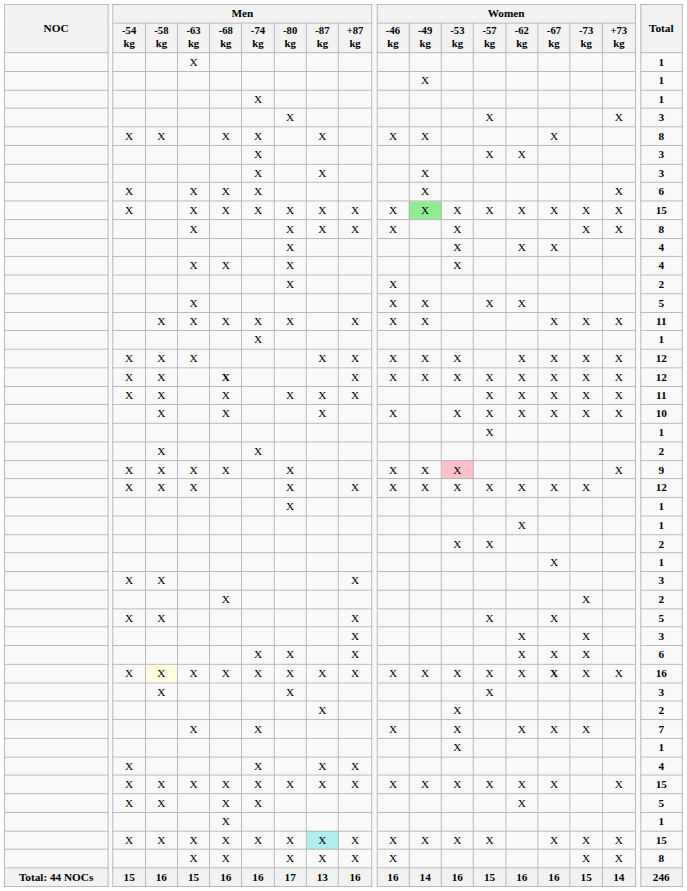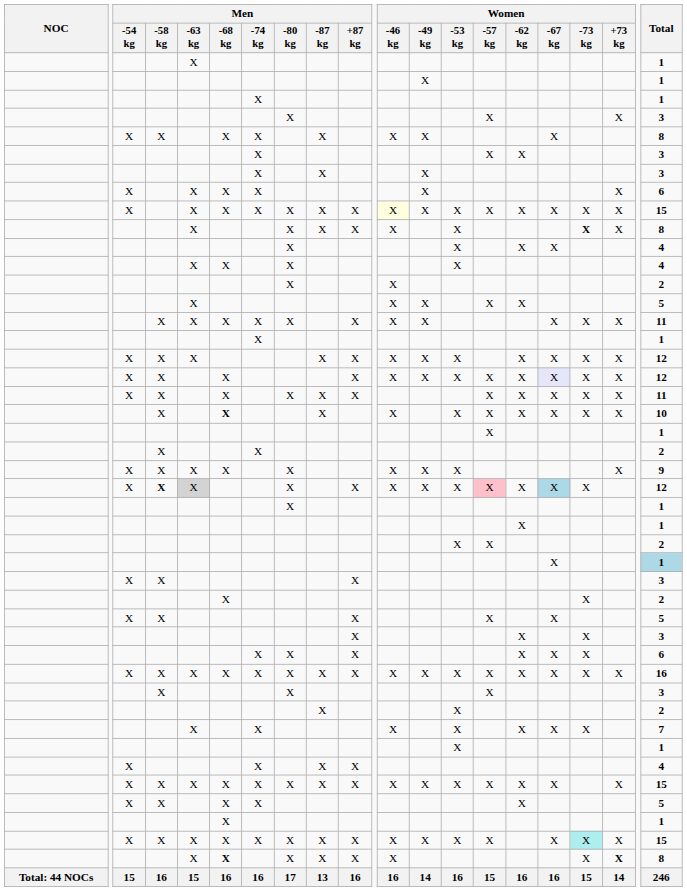 <table class="wikitable" style="border: none; text-align:center; font-size:90%">
 <tr>
 <th rowspan=2 width="180" style="text-align:center;">NOC</th>
 <td rowspan=47 style="width:1; border: none; background: none;"></td>
 <th colspan=8>Men</th>
 <td rowspan=47 style="width:1; border: none; background: none;"></td>
 <th colspan=8>Women</th>
 <td rowspan=47 style="width:1; border: none; background: none;"></td>
 <th rowspan=2 width=55>Total</th>
 </tr>
 <tr style="font-size:95%">
 <th width="45">-54 kg</th>
 <th width="45">-58 kg</th>
 <th width="45">-63 kg</th>
 <th width="45">-68 kg</th>
 <th width="45">-74 kg</th>
 <th width="45">-80 kg</th>
 <th width="45">-87 kg</th>
 <th width="45">+87 kg</th>
 <th width="45">-46 kg</th>
 <th width="45">-49 kg</th>
 <th width="45">-53 kg</th>
 <th width="45">-57 kg</th>
 <th width="45">-62 kg</th>
 <th width="45">-67 kg</th>
 <th width="45">-73 kg</th>
 <th width="45">+73 kg</th>
 </tr>
 <tr>
 <td align=left></td>
 <td></td>
 <td></td>
 <td>X</td>
 <td></td>
 <td></td>
 <td></td>
 <td></td>
 <td></td>
 <td></td>
 <td></td>
 <td></td>
 <td></td>
 <td></td>
 <td></td>
 <td></td>
 <td></td>
 <td><strong>1</strong></td>
 </tr>
 <tr>
 <td align=left></td>
 <td></td>
 <td></td>
 <td></td>
 <td></td>
 <td></td>
 <td></td>
 <td></td>
 <td></td>
 <td></td>
 <td>X</td>
 <td></td>
 <td></td>
 <td></td>
 <td></td>
 <td></td>
 <td></td>
 <td><strong>1</strong></td>
 </tr>
 <tr>
 <td align=left></td>
 <td></td>
 <td></td>
 <td></td>
 <td></td>
 <td>X</td>
 <td></td>
 <td></td>
 <td></td>
 <td></td>
 <td></td>
 <td></td>
 <td></td>
 <td></td>
 <td></td>
 <td></td>
 <td></td>
 <td><strong>1</strong></td>
 </tr>
 <tr>
 <td align=left></td>
 <td></td>
 <td></td>
 <td></td>
 <td></td>
 <td></td>
 <td>X</td>
 <td></td>
 <td></td>
 <td></td>
 <td></td>
 <td></td>
 <td>X</td>
 <td></td>
 <td></td>
 <td></td>
 <td>X</td>
 <td><strong>3</strong></td>
 </tr>
 <tr>
 <td align=left></td>
 <td>X</td>
 <td>X</td>
 <td></td>
 <td>X</td>
 <td>X</td>
 <td></td>
 <td>X</td>
 <td></td>
 <td>X</td>
 <td>X</td>
 <td></td>
 <td></td>
 <td></td>
 <td>X</td>
 <td></td>
 <td></td>
 <td><strong>8</strong></td>
 </tr>
 <tr>
 <td align=left></td>
 <td></td>
 <td></td>
 <td></td>
 <td></td>
 <td>X</td>
 <td></td>
 <td></td>
 <td></td>
 <td></td>
 <td></td>
 <td></td>
 <td>X</td>
 <td>X</td>
 <td></td>
 <td></td>
 <td></td>
 <td><strong>3</strong></td>
 </tr>
 <tr>
 <td align=left></td>
 <td></td>
 <td></td>
 <td></td>
 <td></td>
 <td>X</td>
 <td></td>
 <td>X</td>
 <td></td>
 <td></td>
 <td>X</td>
 <td></td>
 <td></td>
 <td></td>
 <td></td>
 <td></td>
 <td></td>
 <td><strong>3</strong></td>
 </tr>
 <tr>
 <td align=left></td>
 <td>X</td>
 <td></td>
 <td>X</td>
 <td>X</td>
 <td>X</td>
 <td></td>
 <td></td>
 <td></td>
 <td></td>
 <td>X</td>
 <td></td>
 <td></td>
 <td></td>
 <td></td>
 <td></td>
 <td>X</td>
 <td><strong>6</strong></td>
 </tr>
 <tr>
 <td align=left></td>
 <td>X</td>
 <td></td>
 <td>X</td>
 <td>X</td>
 <td>X</td>
 <td>X</td>
 <td>X</td>
 <td>X</td>
+<td style="background: lightyellow;">X</td>
 <td>X</td>
-<td style="background: lightgreen;">X</td>
 <td>X</td>
 <td>X</td>
 <td>X</td>
 <td>X</td>
 <td>X</td>
 <td>X</td>
 <td><strong>15</strong></td>
 </tr>
 <tr>
 <td align=left></td>
 <td></td>
 <td></td>
 <td>X</td>
 <td></td>
 <td></td>
 <td>X</td>
 <td>X</td>
 <td>X</td>
 <td>X</td>
 <td></td>
 <td>X</td>
 <td></td>
 <td></td>
 <td></td>
-<td>X</td>
+<td><strong>X</strong></td>
 <td>X</td>
 <td><strong>8</strong></td>
 </tr>
 <tr>
 <td align=left></td>
 <td></td>
 <td></td>
 <td></td>
 <td></td>
 <td></td>
 <td>X</td>
 <td></td>
 <td></td>
 <td></td>
 <td></td>
 <td>X</td>
 <td></td>
 <td>X</td>
 <td>X</td>
 <td></td>
 <td></td>
 <td><strong>4</strong></td>
 </tr>
 <tr>
 <td align=left></td>
 <td></td>
 <td></td>
 <td>X</td>
 <td>X</td>
 <td></td>
 <td>X</td>
 <td></td>
 <td></td>
 <td></td>
 <td></td>
 <td>X</td>
 <td></td>
 <td></td>
 <td></td>
 <td></td>
 <td></td>
 <td><strong>4</strong></td>
 </tr>
 <tr>
 <td align=left></td>
 <td></td>
 <td></td>
 <td></td>
 <td></td>
 <td></td>
 <td>X</td>
 <td></td>
 <td></td>
 <td>X</td>
 <td></td>
 <td></td>
 <td></td>
 <td></td>
 <td></td>
 <td></td>
 <td></td>
 <td><strong>2</strong></td>
 </tr>
 <tr>
 <td align=left></td>
 <td></td>
 <td></td>
 <td>X</td>
 <td></td>
 <td></td>
 <td></td>
 <td></td>
 <td></td>
 <td>X</td>
 <td>X</td>
 <td></td>
 <td>X</td>
 <td>X</td>
 <td></td>
 <td></td>
 <td></td>
 <td><strong>5</strong></td>
 </tr>
 <tr>
 <td align=left></td>
 <td></td>
 <td>X</td>
 <td>X</td>
 <td>X</td>
 <td>X</td>
 <td>X</td>
 <td></td>
 <td>X</td>
 <td>X</td>
 <td>X</td>
 <td></td>
 <td></td>
 <td></td>
 <td>X</td>
 <td>X</td>
 <td>X</td>
 <td><strong>11</strong></td>
 </tr>
 <tr>
 <td align=left></td>
 <td></td>
 <td></td>
 <td></td>
 <td></td>
 <td>X</td>
 <td></td>
 <td></td>
 <td></td>
 <td></td>
 <td></td>
 <td></td>
 <td></td>
 <td></td>
 <td></td>
 <td></td>
 <td></td>
 <td><strong>1</strong></td>
 </tr>
 <tr>
 <td align=left></td>
 <td>X</td>
 <td>X</td>
 <td>X</td>
 <td></td>
 <td></td>
 <td></td>
 <td>X</td>
 <td>X</td>
 <td>X</td>
 <td>X</td>
 <td>X</td>
 <td></td>
 <td>X</td>
 <td>X</td>
 <td>X</td>
 <td>X</td>
 <td><strong>12</strong></td>
 </tr>
 <tr>
 <td align=left></td>
 <td>X</td>
 <td>X</td>
 <td></td>
-<td><strong>X</strong></td>
+<td>X</td>
 <td></td>
 <td></td>
 <td></td>
 <td>X</td>
 <td>X</td>
 <td>X</td>
 <td>X</td>
 <td>X</td>
 <td>X</td>
-<td>X</td>
+<td style="background: lavender;">X</td>
 <td>X</td>
 <td>X</td>
 <td><strong>12</strong></td>
 </tr>
 <tr>
 <td align=left></td>
 <td>X</td>
 <td>X</td>
 <td></td>
 <td>X</td>
 <td></td>
 <td>X</td>
 <td>X</td>
 <td>X</td>
 <td></td>
 <td></td>
 <td></td>
 <td>X</td>
 <td>X</td>
 <td>X</td>
 <td>X</td>
 <td>X</td>
 <td><strong>11</strong></td>
 </tr>
 <tr>
 <td align=left></td>
 <td></td>
 <td>X</td>
 <td></td>
-<td>X</td>
+<td><strong>X</strong></td>
 <td></td>
 <td></td>
 <td>X</td>
 <td></td>
 <td>X</td>
 <td></td>
 <td>X</td>
 <td>X</td>
 <td>X</td>
 <td>X</td>
 <td>X</td>
 <td>X</td>
 <td><strong>10</strong></td>
 </tr>
 <tr>
 <td align=left></td>
 <td></td>
 <td></td>
 <td></td>
 <td></td>
 <td></td>
 <td></td>
 <td></td>
 <td></td>
 <td></td>
 <td></td>
 <td></td>
 <td>X</td>
 <td></td>
 <td></td>
 <td></td>
 <td></td>
 <td><strong>1</strong></td>
 </tr>
 <tr>
 <td align=left></td>
 <td></td>
 <td>X</td>
 <td></td>
 <td></td>
 <td>X</td>
 <td></td>
 <td></td>
 <td></td>
 <td></td>
 <td></td>
 <td></td>
 <td></td>
 <td></td>
 <td></td>
 <td></td>
 <td></td>
 <td><strong>2</strong></td>
 </tr>
 <tr>
 <td align=left></td>
 <td>X</td>
 <td>X</td>
 <td>X</td>
 <td>X</td>
 <td></td>
 <td>X</td>
 <td></td>
 <td></td>
 <td>X</td>
 <td>X</td>
-<td style="background: pink;">X</td>
+<td>X</td>
 <td></td>
 <td></td>
 <td></td>
 <td></td>
 <td>X</td>
 <td><strong>9</strong></td>
 </tr>
 <tr>
 <td align=left></td>
 <td>X</td>
-<td>X</td>
-<td>X</td>
+<td><strong>X</strong></td>
+<td style="background: lightgrey;">X</td>
 <td></td>
 <td></td>
 <td>X</td>
 <td></td>
 <td>X</td>
 <td>X</td>
 <td>X</td>
 <td>X</td>
+<td style="background: pink;">X</td>
 <td>X</td>
-<td>X</td>
-<td>X</td>
+<td style="background: lightblue;">X</td>
 <td>X</td>
 <td></td>
 <td><strong>12</strong></td>
 </tr>
 <tr>
 <td align=left></td>
 <td></td>
 <td></td>
 <td></td>
 <td></td>
 <td></td>
 <td>X</td>
 <td></td>
 <td></td>
 <td></td>
 <td></td>
 <td></td>
 <td></td>
 <td></td>
 <td></td>
 <td></td>
 <td></td>
 <td><strong>1</strong></td>
 </tr>
 <tr>
 <td align=left></td>
 <td></td>
 <td></td>
 <td></td>
 <td></td>
 <td></td>
 <td></td>
 <td></td>
 <td></td>
 <td></td>
 <td></td>
 <td></td>
 <td></td>
 <td>X</td>
 <td></td>
 <td></td>
 <td></td>
 <td><strong>1</strong></td>
 </tr>
 <tr>
 <td align=left></td>
 <td></td>
 <td></td>
 <td></td>
 <td></td>
 <td></td>
 <td></td>
 <td></td>
 <td></td>
 <td></td>
 <td></td>
 <td>X</td>
 <td>X</td>
 <td></td>
 <td></td>
 <td></td>
 <td></td>
 <td><strong>2</strong></td>
 </tr>
 <tr>
 <td align=left></td>
 <td></td>
 <td></td>
 <td></td>
 <td></td>
 <td></td>
 <td></td>
 <td></td>
 <td></td>
 <td></td>
 <td></td>
 <td></td>
 <td></td>
 <td></td>
 <td>X</td>
 <td></td>
 <td></td>
-<td><strong>1</strong></td>
+<td style="background: lightblue;"><strong>1</strong></td>
 </tr>
 <tr>
 <td align=left></td>
 <td>X</td>
 <td>X</td>
 <td></td>
 <td></td>
 <td></td>
 <td></td>
 <td></td>
 <td>X</td>
 <td></td>
 <td></td>
 <td></td>
 <td></td>
 <td></td>
 <td></td>
 <td></td>
 <td></td>
 <td><strong>3</strong></td>
 </tr>
 <tr>
 <td align=left></td>
 <td></td>
 <td></td>
 <td></td>
 <td>X</td>
 <td></td>
 <td></td>
 <td></td>
 <td></td>
 <td></td>
 <td></td>
 <td></td>
 <td></td>
 <td></td>
 <td></td>
 <td>X</td>
 <td></td>
 <td><strong>2</strong></td>
 </tr>
 <tr>
 <td align=left></td>
 <td>X</td>
 <td>X</td>
 <td></td>
 <td></td>
 <td></td>
 <td></td>
 <td></td>
 <td>X</td>
 <td></td>
 <td></td>
 <td></td>
 <td>X</td>
 <td></td>
 <td>X</td>
 <td></td>
 <td></td>
 <td><strong>5</strong></td>
 </tr>
 <tr>
 <td align=left></td>
 <td></td>
 <td></td>
 <td></td>
 <td></td>
 <td></td>
 <td></td>
 <td></td>
 <td>X</td>
 <td></td>
 <td></td>
 <td></td>
 <td></td>
 <td>X</td>
 <td></td>
 <td>X</td>
 <td></td>
 <td><strong>3</strong></td>
 </tr>
 <tr>
 <td align=left></td>
 <td></td>
 <td></td>
 <td></td>
 <td></td>
 <td>X</td>
 <td>X</td>
 <td></td>
 <td>X</td>
 <td></td>
 <td></td>
 <td></td>
 <td></td>
 <td>X</td>
 <td>X</td>
 <td>X</td>
 <td></td>
 <td><strong>6</strong></td>
 </tr>
 <tr>
 <td align=left></td>
 <td>X</td>
-<td style="background: lightyellow;">X</td>
 <td>X</td>
 <td>X</td>
 <td>X</td>
 <td>X</td>
 <td>X</td>
 <td>X</td>
 <td>X</td>
 <td>X</td>
 <td>X</td>
 <td>X</td>
 <td>X</td>
-<td><strong>X</strong></td>
+<td>X</td>
+<td>X</td>
 <td>X</td>
 <td>X</td>
 <td><strong>16</strong></td>
 </tr>
 <tr>
 <td align=left></td>
 <td></td>
 <td>X</td>
 <td></td>
 <td></td>
 <td></td>
 <td>X</td>
 <td></td>
 <td></td>
 <td></td>
 <td></td>
 <td></td>
 <td>X</td>
 <td></td>
 <td></td>
 <td></td>
 <td></td>
 <td><strong>3</strong></td>
 </tr>
 <tr>
 <td align=left></td>
 <td></td>
 <td></td>
 <td></td>
 <td></td>
 <td></td>
 <td></td>
 <td>X</td>
 <td></td>
 <td></td>
 <td></td>
 <td>X</td>
 <td></td>
 <td></td>
 <td></td>
 <td></td>
 <td></td>
 <td><strong>2</strong></td>
 </tr>
 <tr>
 <td align=left></td>
 <td></td>
 <td></td>
 <td>X</td>
 <td></td>
 <td>X</td>
 <td></td>
 <td></td>
 <td></td>
 <td>X</td>
 <td></td>
 <td>X</td>
 <td></td>
 <td>X</td>
 <td>X</td>
 <td>X</td>
 <td></td>
 <td><strong>7</strong></td>
 </tr>
 <tr>
 <td align=left></td>
 <td></td>
 <td></td>
 <td></td>
 <td></td>
 <td></td>
 <td></td>
 <td></td>
 <td></td>
 <td></td>
 <td></td>
 <td>X</td>
 <td></td>
 <td></td>
 <td></td>
 <td></td>
 <td></td>
 <td><strong>1</strong></td>
 </tr>
 <tr>
 <td align=left></td>
 <td>X</td>
 <td></td>
 <td></td>
 <td></td>
 <td>X</td>
 <td></td>
 <td>X</td>
 <td>X</td>
 <td></td>
 <td></td>
 <td></td>
 <td></td>
 <td></td>
 <td></td>
 <td></td>
 <td></td>
 <td><strong>4</strong></td>
 </tr>
 <tr>
 <td align=left></td>
 <td>X</td>
 <td>X</td>
 <td>X</td>
 <td>X</td>
 <td>X</td>
 <td>X</td>
 <td>X</td>
 <td>X</td>
 <td>X</td>
 <td>X</td>
 <td>X</td>
 <td>X</td>
 <td>X</td>
 <td>X</td>
 <td></td>
 <td>X</td>
 <td><strong>15</strong></td>
 </tr>
 <tr>
 <td align=left></td>
 <td>X</td>
 <td>X</td>
 <td></td>
 <td>X</td>
 <td>X</td>
 <td></td>
 <td></td>
 <td></td>
 <td></td>
 <td></td>
 <td></td>
 <td></td>
 <td>X</td>
 <td></td>
 <td></td>
 <td></td>
 <td><strong>5</strong></td>
 </tr>
 <tr>
 <td align=left></td>
 <td></td>
 <td></td>
 <td></td>
 <td>X</td>
 <td></td>
 <td></td>
 <td></td>
 <td></td>
 <td></td>
 <td></td>
 <td></td>
 <td></td>
 <td></td>
 <td></td>
 <td></td>
 <td></td>
 <td><strong>1</strong></td>
 </tr>
 <tr>
 <td align=left></td>
 <td>X</td>
 <td>X</td>
 <td>X</td>
 <td>X</td>
 <td>X</td>
 <td>X</td>
-<td style="background: paleturquoise;">X</td>
+<td>X</td>
 <td>X</td>
 <td>X</td>
 <td>X</td>
 <td>X</td>
 <td>X</td>
 <td></td>
 <td>X</td>
-<td>X</td>
+<td style="background: paleturquoise;">X</td>
 <td>X</td>
 <td><strong>15</strong></td>
 </tr>
 <tr>
 <td align=left></td>
 <td></td>
 <td></td>
 <td>X</td>
-<td>X</td>
+<td><strong>X</strong></td>
 <td></td>
 <td>X</td>
 <td>X</td>
 <td>X</td>
 <td>X</td>
 <td></td>
 <td></td>
 <td></td>
 <td></td>
 <td></td>
 <td>X</td>
-<td>X</td>
+<td><strong>X</strong></td>
 <td><strong>8</strong></td>
 </tr>
 <tr>
 <th>Total: 44 NOCs</th>
 <th>15</th>
 <th>16</th>
 <th>15</th>
 <th>16</th>
 <th>16</th>
 <th>17</th>
 <th>13</th>
 <th>16</th>
 <th>16</th>
 <th>14</th>
 <th>16</th>
 <th>15</th>
 <th>16</th>
 <th>16</th>
 <th>15</th>
 <th>14</th>
 <th>246</th>
 </tr>
 </table>
